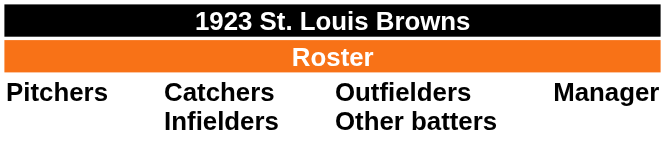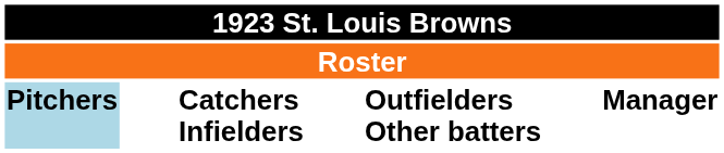 <table class="toccolours" style="font-size: 95%;">
 <tr>
 <th colspan="10" style="background-color: black; color: white; text-align: center;">1923 St. Louis Browns</th>
 </tr>
 <tr>
 <td colspan="10" style="background-color: #F87217; color: white; text-align: center;"><strong>Roster</strong></td>
 </tr>
 <tr>
-<td valign="top"><strong>Pitchers</strong><br>           </td>
+<td valign="top" style="background: lightblue;"><strong>Pitchers</strong><br>           </td>
 <td width="25px"></td>
 <td valign="top"><strong>Catchers</strong><br>    <strong>Infielders</strong>       </td>
 <td width="25px"></td>
 <td valign="top"><strong>Outfielders</strong><br>      <strong>Other batters</strong>    </td>
 <td width="25px"></td>
 <td valign="top"><strong>Manager</strong><br> </td>
 </tr>
 <tr>
 </tr>
 </table>
